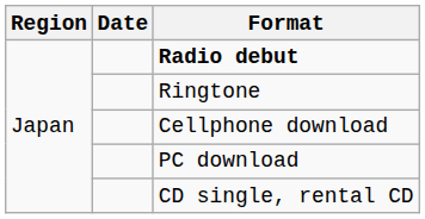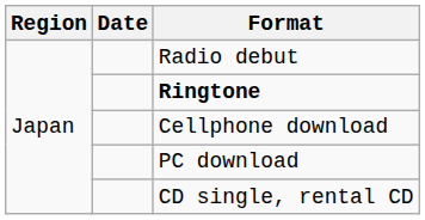 <table class="wikitable">
 <tr>
 <th>Region</th>
 <th>Date</th>
 <th>Format</th>
 </tr>
 <tr>
 <td rowspan="5">Japan</td>
 <td></td>
-<td><strong>Radio debut</strong></td>
+<td>Radio debut</td>
 </tr>
 <tr>
 <td></td>
-<td>Ringtone</td>
+<td><strong>Ringtone</strong></td>
 </tr>
 <tr>
 <td></td>
 <td>Cellphone download</td>
 </tr>
 <tr>
 <td></td>
 <td>PC download</td>
 </tr>
 <tr>
 <td></td>
 <td>CD single, rental CD</td>
 </tr>
 </table>
